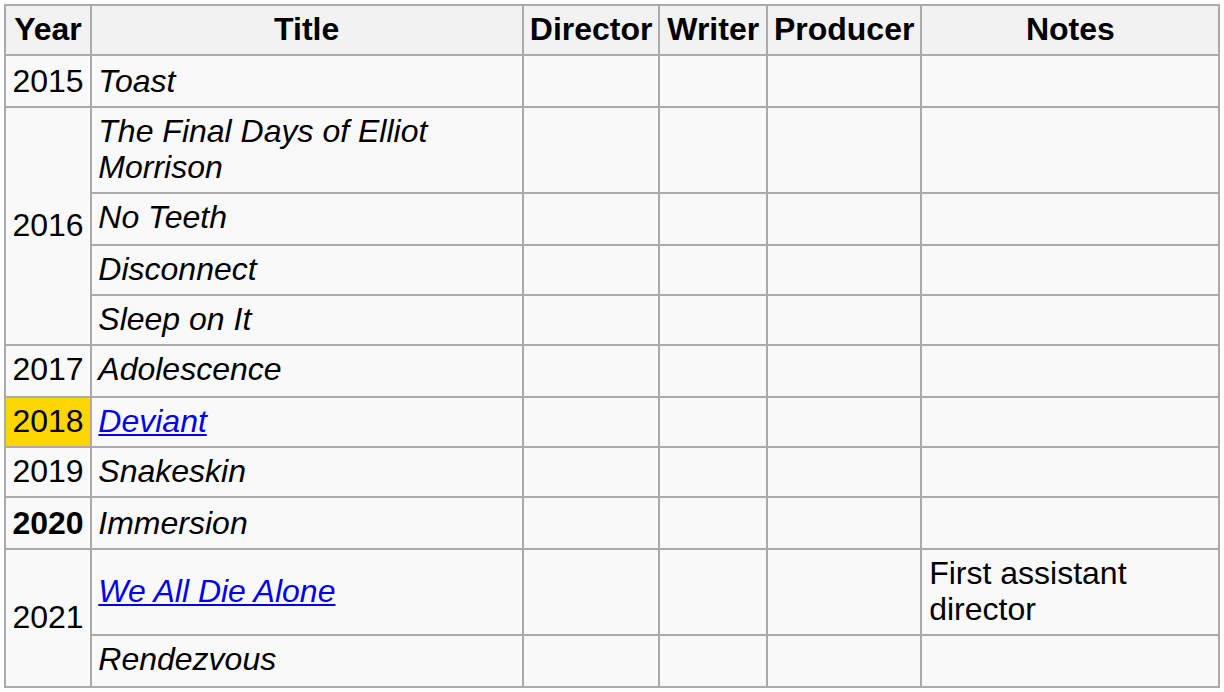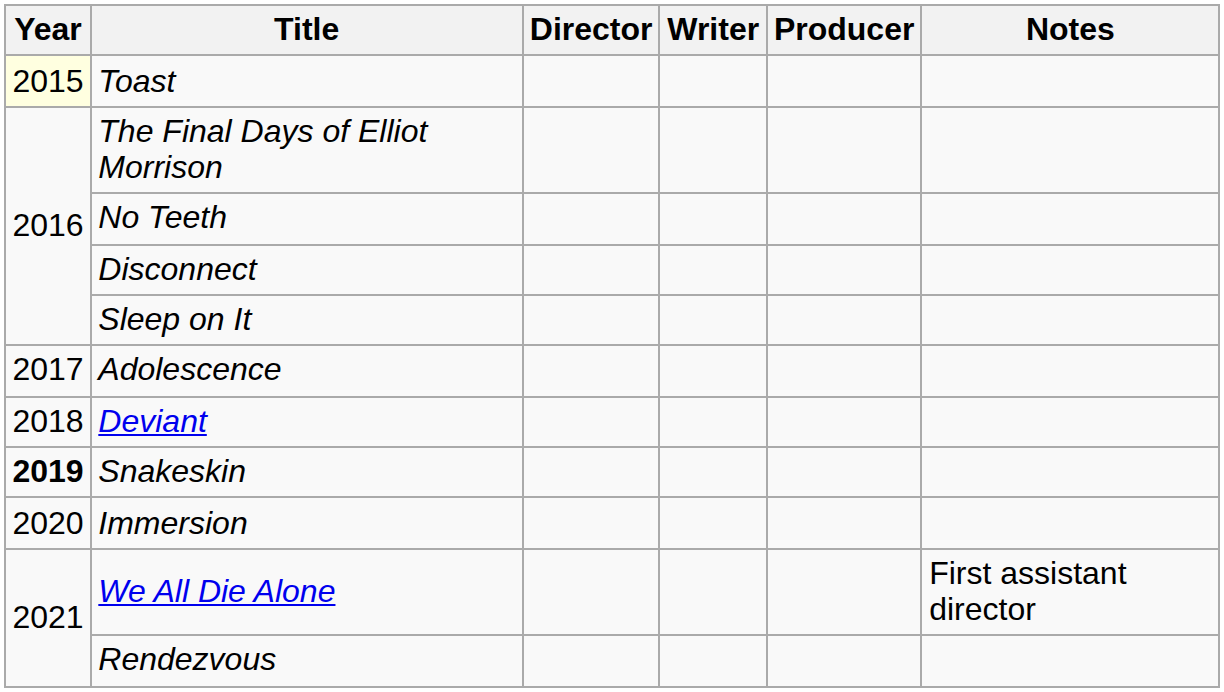 <table class="wikitable">
 <tr>
 <th>Year</th>
 <th>Title</th>
 <th>Director</th>
 <th>Writer</th>
 <th>Producer</th>
 <th>Notes</th>
 </tr>
 <tr>
-<td>2015</td>
+<td style="background: lightyellow;">2015</td>
 <td><em>Toast</em></td>
 <td></td>
 <td></td>
 <td></td>
 <td></td>
 </tr>
 <tr>
 <td rowspan="4">2016</td>
 <td><em>The Final Days of Elliot Morrison</em></td>
 <td></td>
 <td></td>
 <td></td>
 <td></td>
 </tr>
 <tr>
 <td><em>No Teeth</em></td>
 <td></td>
 <td></td>
 <td></td>
 <td></td>
 </tr>
 <tr>
 <td><em>Disconnect</em></td>
 <td></td>
 <td></td>
 <td></td>
 <td></td>
 </tr>
 <tr>
 <td><em>Sleep on It</em></td>
 <td></td>
 <td></td>
 <td></td>
 <td></td>
 </tr>
 <tr>
 <td>2017</td>
 <td><em>Adolescence</em></td>
 <td></td>
 <td></td>
 <td></td>
 <td></td>
 </tr>
 <tr>
-<td style="background: gold;">2018</td>
+<td>2018</td>
 <td><a href='#'><em>Deviant</em></a></td>
 <td></td>
 <td></td>
 <td></td>
 <td></td>
 </tr>
 <tr>
-<td>2019</td>
+<td><strong>2019</strong></td>
 <td><em>Snakeskin</em></td>
 <td></td>
 <td></td>
 <td></td>
 <td></td>
 </tr>
 <tr>
-<td><strong>2020</strong></td>
+<td>2020</td>
 <td><em>Immersion</em></td>
 <td></td>
 <td></td>
 <td></td>
 <td></td>
 </tr>
 <tr>
 <td rowspan="2">2021</td>
 <td><em><a href='#'>We All Die Alone</a></em></td>
 <td></td>
 <td></td>
 <td></td>
 <td>First assistant director</td>
 </tr>
 <tr>
 <td><em>Rendezvous</em></td>
 <td></td>
 <td></td>
 <td></td>
 <td></td>
 </tr>
 </table>
